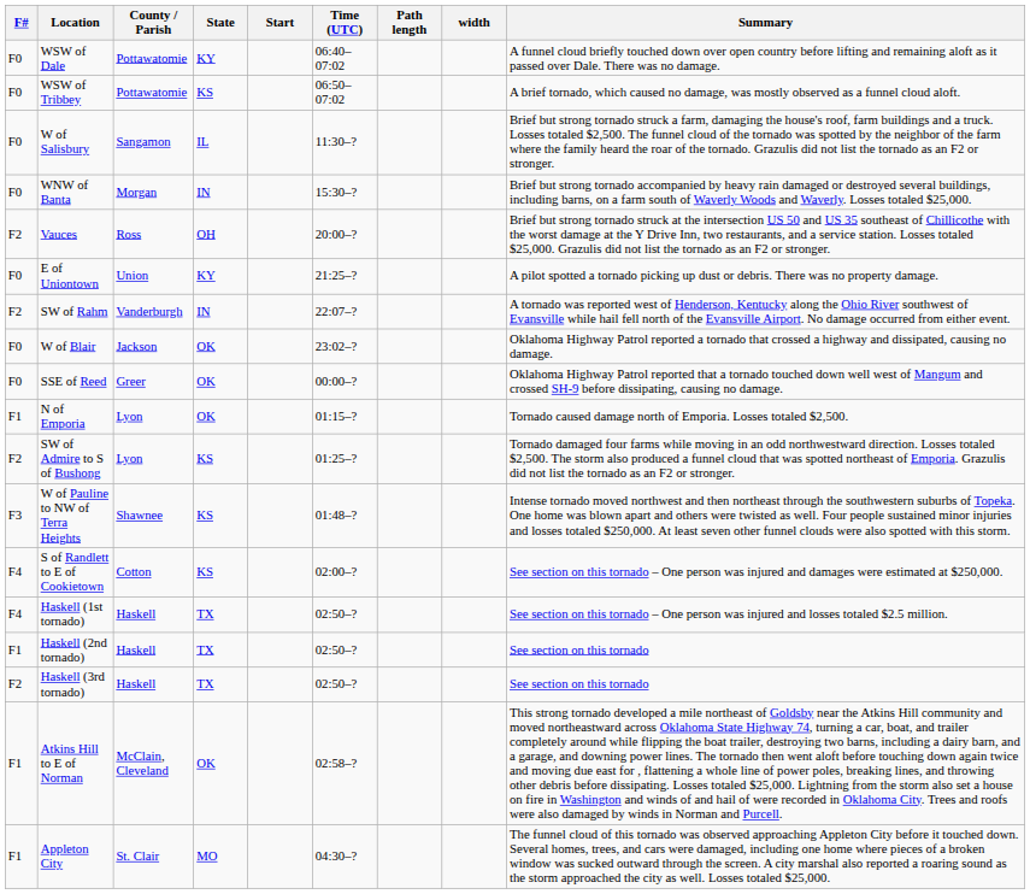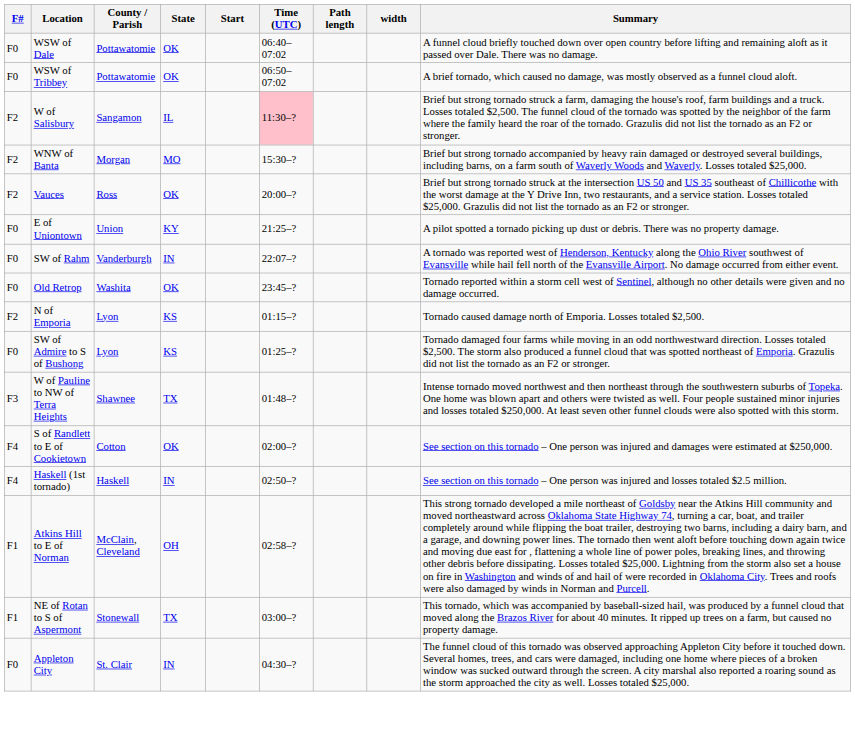 <table class="wikitable sortable" style="width:100%;">
 <tr>
 <th scope="col"  style="width:3%; text-align:center;"><a href='#'>F#</a></th>
 <th scope="col"  style="width:7%; text-align:center;" class="unsortable">Location</th>
 <th scope="col"  style="width:6%; text-align:center;" class="unsortable">County / Parish</th>
 <th scope="col"  style="width:5%; text-align:center;">State</th>
 <th scope="col"  style="width:6%; text-align:center;">Start<br></th>
 <th scope="col"  style="width:6%; text-align:center;">Time (<a href='#'>UTC</a>)</th>
 <th scope="col"  style="width:6%; text-align:center;">Path length</th>
 <th scope="col"  style="width:6%; text-align:center;"> width</th>
 <th scope="col" class="unsortable" style="width:48%; text-align:center;">Summary</th>
 </tr>
 <tr>
 <td>F0</td>
 <td>WSW of <a href='#'>Dale</a></td>
 <td><a href='#'>Pottawatomie</a></td>
-<td><a href='#'>KY</a></td>
+<td><a href='#'>OK</a></td>
 <td></td>
 <td>06:40–07:02</td>
 <td></td>
 <td></td>
 <td>A funnel cloud briefly touched down over open country before lifting and remaining aloft as it passed over Dale. There was no damage.</td>
 </tr>
 <tr>
 <td>F0</td>
 <td>WSW of <a href='#'>Tribbey</a></td>
 <td><a href='#'>Pottawatomie</a></td>
-<td><a href='#'>KS</a></td>
+<td><a href='#'>OK</a></td>
 <td></td>
 <td>06:50–07:02</td>
 <td></td>
 <td></td>
 <td>A brief tornado, which caused no damage, was mostly observed as a funnel cloud aloft.</td>
 </tr>
 <tr>
-<td>F0</td>
+<td>F2</td>
 <td>W of <a href='#'>Salisbury</a></td>
 <td><a href='#'>Sangamon</a></td>
 <td><a href='#'>IL</a></td>
 <td></td>
-<td>11:30–?</td>
+<td style="background: pink;">11:30–?</td>
 <td></td>
 <td></td>
 <td>Brief but strong tornado struck a farm, damaging the house's roof, farm buildings and a truck. Losses totaled $2,500. The funnel cloud of the tornado was spotted by the neighbor of the farm where the family heard the roar of the tornado. Grazulis did not list the tornado as an F2 or stronger.</td>
 </tr>
 <tr>
-<td>F0</td>
+<td>F2</td>
 <td>WNW of <a href='#'>Banta</a></td>
 <td><a href='#'>Morgan</a></td>
-<td><a href='#'>IN</a></td>
+<td><a href='#'>MO</a></td>
 <td></td>
 <td>15:30–?</td>
 <td></td>
 <td></td>
 <td>Brief but strong tornado accompanied by heavy rain damaged or destroyed several buildings, including barns, on a farm south of <a href='#'>Waverly Woods</a> and <a href='#'>Waverly</a>. Losses totaled $25,000.</td>
 </tr>
 <tr>
 <td>F2</td>
 <td><a href='#'>Vauces</a></td>
 <td><a href='#'>Ross</a></td>
-<td><a href='#'>OH</a></td>
+<td><a href='#'>OK</a></td>
 <td></td>
 <td>20:00–?</td>
 <td></td>
 <td></td>
 <td>Brief but strong tornado struck at the intersection <a href='#'>US 50</a> and <a href='#'>US 35</a> southeast of <a href='#'>Chillicothe</a> with the worst damage at the Y Drive Inn, two restaurants, and a service station. Losses totaled $25,000. Grazulis did not list the tornado as an F2 or stronger.</td>
 </tr>
 <tr>
 <td>F0</td>
 <td>E of <a href='#'>Uniontown</a></td>
 <td><a href='#'>Union</a></td>
 <td><a href='#'>KY</a></td>
 <td></td>
 <td>21:25–?</td>
 <td></td>
 <td></td>
 <td>A pilot spotted a tornado picking up dust or debris. There was no property damage.</td>
 </tr>
 <tr>
-<td>F2</td>
+<td>F0</td>
 <td>SW of <a href='#'>Rahm</a></td>
 <td><a href='#'>Vanderburgh</a></td>
 <td><a href='#'>IN</a></td>
 <td></td>
 <td>22:07–?</td>
 <td></td>
 <td></td>
 <td>A tornado was reported west of <a href='#'>Henderson, Kentucky</a> along the <a href='#'>Ohio River</a>  southwest of <a href='#'>Evansville</a> while  hail fell  north of the <a href='#'>Evansville Airport</a>. No damage occurred from either event.</td>
 </tr>
 <tr>
 <td>F0</td>
-<td>W of <a href='#'>Blair</a></td>
-<td><a href='#'>Jackson</a></td>
+<td><a href='#'>Old Retrop</a></td>
+<td><a href='#'>Washita</a></td>
 <td><a href='#'>OK</a></td>
 <td></td>
-<td>23:02–?</td>
+<td>23:45–?</td>
 <td></td>
 <td></td>
-<td>Oklahoma Highway Patrol reported a tornado that crossed a highway and dissipated, causing no damage.</td>
+<td>Tornado reported within a storm cell west of <a href='#'>Sentinel</a>, although no other details were given and no damage occurred.</td>
 </tr>
 <tr>
-<td>F0</td>
-<td>SSE of <a href='#'>Reed</a></td>
-<td><a href='#'>Greer</a></td>
-<td><a href='#'>OK</a></td>
-<td></td>
-<td>00:00–?</td>
-<td></td>
-<td></td>
-<td>Oklahoma Highway Patrol reported that a tornado touched down well west of <a href='#'>Mangum</a> and crossed <a href='#'>SH-9</a> before dissipating, causing no damage.</td>
-</tr>
-<tr>
-<td>F1</td>
+<td>F2</td>
 <td>N of <a href='#'>Emporia</a></td>
 <td><a href='#'>Lyon</a></td>
-<td><a href='#'>OK</a></td>
+<td><a href='#'>KS</a></td>
 <td></td>
 <td>01:15–?</td>
 <td></td>
 <td></td>
 <td>Tornado caused damage  north of Emporia. Losses totaled $2,500.</td>
 </tr>
 <tr>
-<td>F2</td>
+<td>F0</td>
 <td>SW of <a href='#'>Admire</a> to S of <a href='#'>Bushong</a></td>
 <td><a href='#'>Lyon</a></td>
 <td><a href='#'>KS</a></td>
 <td></td>
 <td>01:25–?</td>
 <td></td>
 <td></td>
 <td>Tornado damaged four farms while moving in an odd northwestward direction. Losses totaled $2,500. The storm also produced a funnel cloud that was spotted  northeast of <a href='#'>Emporia</a>. Grazulis did not list the tornado as an F2 or stronger.</td>
 </tr>
 <tr>
 <td>F3</td>
 <td>W of <a href='#'>Pauline</a> to NW of <a href='#'>Terra Heights</a></td>
 <td><a href='#'>Shawnee</a></td>
-<td><a href='#'>KS</a></td>
+<td><a href='#'>TX</a></td>
 <td></td>
 <td>01:48–?</td>
 <td></td>
 <td></td>
 <td>Intense tornado moved northwest and then northeast through the southwestern suburbs of <a href='#'>Topeka</a>. One home was blown apart and others were twisted as well. Four people sustained minor injuries and losses totaled $250,000. At least seven other funnel clouds were also spotted with this storm.</td>
 </tr>
 <tr>
 <td>F4</td>
 <td>S of <a href='#'>Randlett</a> to E of <a href='#'>Cookietown</a></td>
 <td><a href='#'>Cotton</a></td>
-<td><a href='#'>KS</a></td>
+<td><a href='#'>OK</a></td>
 <td></td>
 <td>02:00–?</td>
 <td></td>
 <td></td>
 <td><a href='#'>See section on this tornado</a> – One person was injured and damages were estimated at $250,000.</td>
 </tr>
 <tr>
 <td>F4</td>
 <td><a href='#'>Haskell</a> (1st tornado)</td>
 <td><a href='#'>Haskell</a></td>
-<td><a href='#'>TX</a></td>
+<td><a href='#'>IN</a></td>
 <td></td>
 <td>02:50–?</td>
 <td></td>
 <td></td>
 <td><a href='#'>See section on this tornado</a> – One person was injured and losses totaled $2.5 million.</td>
 </tr>
 <tr>
 <td>F1</td>
-<td><a href='#'>Haskell</a> (2nd tornado)</td>
-<td><a href='#'>Haskell</a></td>
-<td><a href='#'>TX</a></td>
-<td></td>
-<td>02:50–?</td>
-<td></td>
-<td></td>
-<td><a href='#'>See section on this tornado</a></td>
-</tr>
-<tr>
-<td>F2</td>
-<td><a href='#'>Haskell</a> (3rd tornado)</td>
-<td><a href='#'>Haskell</a></td>
-<td><a href='#'>TX</a></td>
-<td></td>
-<td>02:50–?</td>
-<td></td>
-<td></td>
-<td><a href='#'>See section on this tornado</a></td>
-</tr>
-<tr>
-<td>F1</td>
 <td><a href='#'>Atkins Hill</a> to E of <a href='#'>Norman</a></td>
 <td><a href='#'>McClain</a>, <a href='#'>Cleveland</a></td>
-<td><a href='#'>OK</a></td>
+<td><a href='#'>OH</a></td>
 <td></td>
 <td>02:58–?</td>
 <td></td>
 <td></td>
 <td>This strong tornado developed a mile northeast of <a href='#'>Goldsby</a> near the Atkins Hill community and moved northeastward across <a href='#'>Oklahoma State Highway 74</a>, turning a car, boat, and trailer completely around while flipping the boat trailer, destroying two barns, including a dairy barn, and a garage, and downing power lines. The tornado then went aloft before touching down again twice and moving due east for , flattening a whole line of power poles, breaking lines, and throwing other debris before dissipating. Losses totaled $25,000. Lightning from the storm also set a house on fire in <a href='#'>Washington</a> and winds of  and hail of  were recorded in <a href='#'>Oklahoma City</a>. Trees and roofs were also damaged by winds in Norman and <a href='#'>Purcell</a>.</td>
 </tr>
 <tr>
 <td>F1</td>
+<td>NE of <a href='#'>Rotan</a> to S of <a href='#'>Aspermont</a></td>
+<td><a href='#'>Stonewall</a></td>
+<td><a href='#'>TX</a></td>
+<td></td>
+<td>03:00–?</td>
+<td></td>
+<td></td>
+<td>This tornado, which was accompanied by baseball-sized hail, was produced by a funnel cloud that moved along the <a href='#'>Brazos River</a> for about 40 minutes. It ripped up trees on a farm, but caused no property damage.</td>
+</tr>
+<tr>
+<td>F0</td>
 <td><a href='#'>Appleton City</a></td>
 <td><a href='#'>St. Clair</a></td>
-<td><a href='#'>MO</a></td>
+<td><a href='#'>IN</a></td>
 <td></td>
 <td>04:30–?</td>
 <td></td>
 <td></td>
 <td>The funnel cloud of this tornado was observed approaching Appleton City before it touched down. Several homes, trees, and cars were damaged, including one home where pieces of a broken window was sucked outward through the screen. A city marshal also reported a roaring sound as the storm approached the city as well. Losses totaled $25,000.</td>
 </tr>
 </table>
